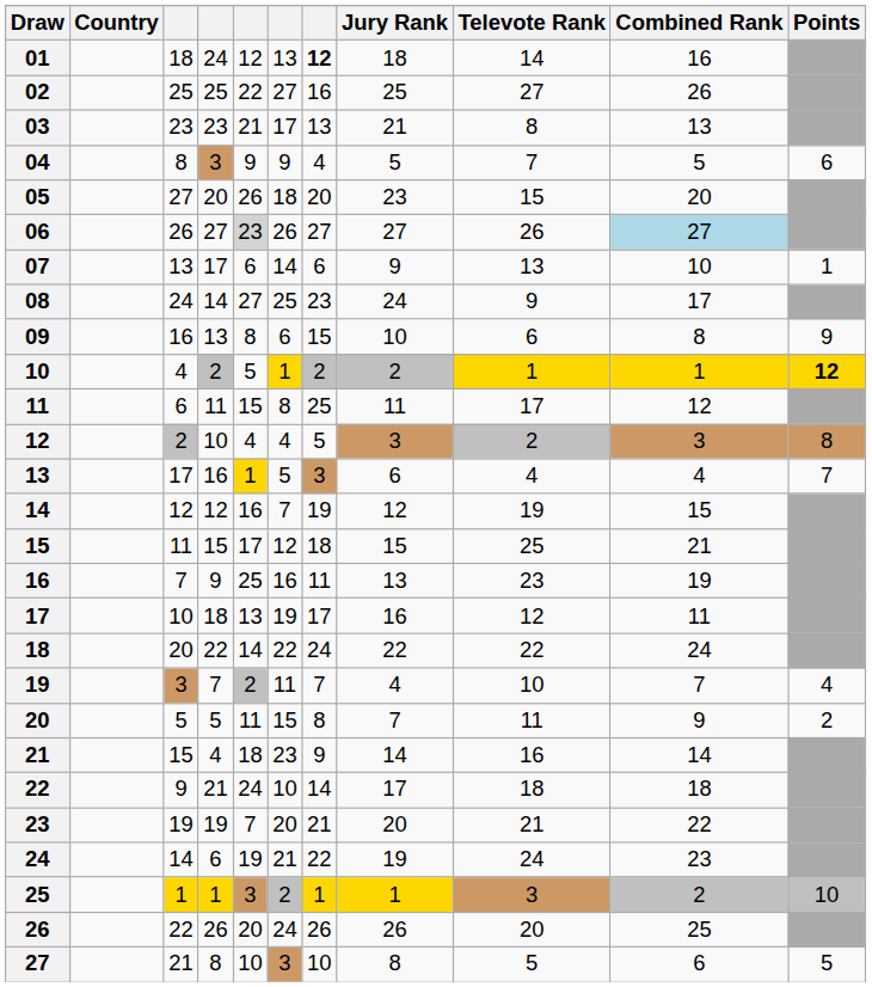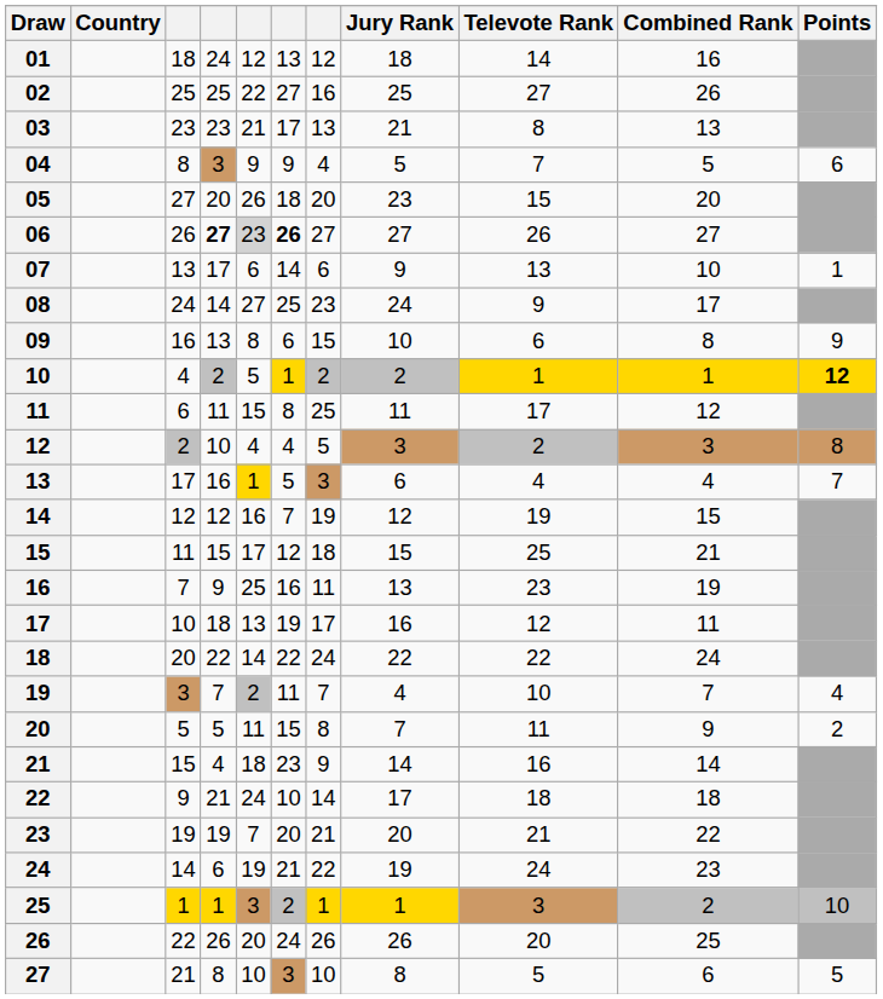 <table class="sortable wikitable collapsible plainrowheaders" style="text-align:center;">
 <tr>
 </tr>
 <tr>
 <th scope="col">Draw</th>
 <th scope="col">Country</th>
 <th scope="col"><small></small></th>
 <th scope="col"><small></small></th>
 <th scope="col"><small></small></th>
 <th scope="col"><small></small></th>
 <th scope="col"><small></small></th>
 <th scope="col">Jury Rank</th>
 <th scope="col">Televote Rank</th>
 <th scope="col">Combined Rank</th>
 <th scope="col">Points</th>
 </tr>
 <tr>
 <th scope="row" style="text-align:center;">01</th>
 <td style="text-align:left;"></td>
 <td>18</td>
 <td>24</td>
 <td>12</td>
 <td>13</td>
-<td><strong>12</strong></td>
+<td>12</td>
 <td>18</td>
 <td>14</td>
 <td>16</td>
 <td style="background:#AAAAAA;"></td>
 </tr>
 <tr>
 <th scope="row" style="text-align:center;">02</th>
 <td style="text-align:left;"></td>
 <td>25</td>
 <td>25</td>
 <td>22</td>
 <td>27</td>
 <td>16</td>
 <td>25</td>
 <td>27</td>
 <td>26</td>
 <td style="background:#AAAAAA;"></td>
 </tr>
 <tr>
 <th scope="row" style="text-align:center;">03</th>
 <td style="text-align:left;"></td>
 <td>23</td>
 <td>23</td>
 <td>21</td>
 <td>17</td>
 <td>13</td>
 <td>21</td>
 <td>8</td>
 <td>13</td>
 <td style="background:#AAAAAA;"></td>
 </tr>
 <tr>
 <th scope="row" style="text-align:center;">04</th>
 <td style="text-align:left;"></td>
 <td>8</td>
 <td style="background:#CC9966;">3</td>
 <td>9</td>
 <td>9</td>
 <td>4</td>
 <td>5</td>
 <td>7</td>
 <td>5</td>
 <td>6</td>
 </tr>
 <tr>
 <th scope="row" style="text-align:center;">05</th>
 <td style="text-align:left;"></td>
 <td>27</td>
 <td>20</td>
 <td>26</td>
 <td>18</td>
 <td>20</td>
 <td>23</td>
 <td>15</td>
 <td>20</td>
 <td style="background:#AAAAAA;"></td>
 </tr>
 <tr>
 <th scope="row" style="text-align:center;">06</th>
 <td style="text-align:left;"></td>
 <td>26</td>
-<td>27</td>
+<td><strong>27</strong></td>
 <td style="background: lightgrey;">23</td>
-<td>26</td>
+<td><strong>26</strong></td>
 <td>27</td>
 <td>27</td>
 <td>26</td>
-<td style="background: lightblue;">27</td>
+<td>27</td>
 <td style="background:#AAAAAA;"></td>
 </tr>
 <tr>
 <th scope="row" style="text-align:center;">07</th>
 <td style="text-align:left;"></td>
 <td>13</td>
 <td>17</td>
 <td>6</td>
 <td>14</td>
 <td>6</td>
 <td>9</td>
 <td>13</td>
 <td>10</td>
 <td>1</td>
 </tr>
 <tr>
 <th scope="row" style="text-align:center;">08</th>
 <td style="text-align:left;"></td>
 <td>24</td>
 <td>14</td>
 <td>27</td>
 <td>25</td>
 <td>23</td>
 <td>24</td>
 <td>9</td>
 <td>17</td>
 <td style="background:#AAAAAA;"></td>
 </tr>
 <tr>
 <th scope="row" style="text-align:center;">09</th>
 <td style="text-align:left;"></td>
 <td>16</td>
 <td>13</td>
 <td>8</td>
 <td>6</td>
 <td>15</td>
 <td>10</td>
 <td>6</td>
 <td>8</td>
 <td>9</td>
 </tr>
 <tr>
 <th scope="row" style="text-align:center;">10</th>
 <td style="text-align:left;"></td>
 <td>4</td>
 <td style="background:silver;">2</td>
 <td>5</td>
 <td style="background:gold;">1</td>
 <td style="background:silver;">2</td>
 <td style="background:silver;">2</td>
 <td style="background:gold;">1</td>
 <td style="background:gold;">1</td>
 <td style="background:gold;"><strong>12</strong></td>
 </tr>
 <tr>
 <th scope="row" style="text-align:center;">11</th>
 <td style="text-align:left;"></td>
 <td>6</td>
 <td>11</td>
 <td>15</td>
 <td>8</td>
 <td>25</td>
 <td>11</td>
 <td>17</td>
 <td>12</td>
 <td style="background:#AAAAAA;"></td>
 </tr>
 <tr>
 <th scope="row" style="text-align:center;">12</th>
 <td style="text-align:left;"></td>
 <td style="background:silver;">2</td>
 <td>10</td>
 <td>4</td>
 <td>4</td>
 <td>5</td>
 <td style="background:#CC9966;">3</td>
 <td style="background:silver;">2</td>
 <td style="background:#CC9966;">3</td>
 <td style="background:#CC9966;">8</td>
 </tr>
 <tr>
 <th scope="row" style="text-align:center;">13</th>
 <td style="text-align:left;"></td>
 <td>17</td>
 <td>16</td>
 <td style="background:gold;">1</td>
 <td>5</td>
 <td style="background:#CC9966;">3</td>
 <td>6</td>
 <td>4</td>
 <td>4</td>
 <td>7</td>
 </tr>
 <tr>
 <th scope="row" style="text-align:center;">14</th>
 <td style="text-align:left;"></td>
 <td>12</td>
 <td>12</td>
 <td>16</td>
 <td>7</td>
 <td>19</td>
 <td>12</td>
 <td>19</td>
 <td>15</td>
 <td style="background:#AAAAAA;"></td>
 </tr>
 <tr>
 <th scope="row" style="text-align:center;">15</th>
 <td style="text-align:left;"></td>
 <td>11</td>
 <td>15</td>
 <td>17</td>
 <td>12</td>
 <td>18</td>
 <td>15</td>
 <td>25</td>
 <td>21</td>
 <td style="background:#AAAAAA;"></td>
 </tr>
 <tr>
 <th scope="row" style="text-align:center;">16</th>
 <td style="text-align:left;"></td>
 <td>7</td>
 <td>9</td>
 <td>25</td>
 <td>16</td>
 <td>11</td>
 <td>13</td>
 <td>23</td>
 <td>19</td>
 <td style="background:#AAAAAA;"></td>
 </tr>
 <tr>
 <th scope="row" style="text-align:center;">17</th>
 <td style="text-align:left;"></td>
 <td>10</td>
 <td>18</td>
 <td>13</td>
 <td>19</td>
 <td>17</td>
 <td>16</td>
 <td>12</td>
 <td>11</td>
 <td style="background:#AAAAAA;"></td>
 </tr>
 <tr>
 <th scope="row" style="text-align:center;">18</th>
 <td style="text-align:left;"></td>
 <td>20</td>
 <td>22</td>
 <td>14</td>
 <td>22</td>
 <td>24</td>
 <td>22</td>
 <td>22</td>
 <td>24</td>
 <td style="background:#AAAAAA;"></td>
 </tr>
 <tr>
 <th scope="row" style="text-align:center;">19</th>
 <td style="text-align:left;"></td>
 <td style="background:#CC9966;">3</td>
 <td>7</td>
 <td style="background:silver;">2</td>
 <td>11</td>
 <td>7</td>
 <td>4</td>
 <td>10</td>
 <td>7</td>
 <td>4</td>
 </tr>
 <tr>
 <th scope="row" style="text-align:center;">20</th>
 <td style="text-align:left;"></td>
 <td>5</td>
 <td>5</td>
 <td>11</td>
 <td>15</td>
 <td>8</td>
 <td>7</td>
 <td>11</td>
 <td>9</td>
 <td>2</td>
 </tr>
 <tr>
 <th scope="row" style="text-align:center;">21</th>
 <td style="text-align:left;"></td>
 <td>15</td>
 <td>4</td>
 <td>18</td>
 <td>23</td>
 <td>9</td>
 <td>14</td>
 <td>16</td>
 <td>14</td>
 <td style="background:#AAAAAA;"></td>
 </tr>
 <tr>
 <th scope="row" style="text-align:center;">22</th>
 <td style="text-align:left;"></td>
 <td>9</td>
 <td>21</td>
 <td>24</td>
 <td>10</td>
 <td>14</td>
 <td>17</td>
 <td>18</td>
 <td>18</td>
 <td style="background:#AAAAAA;"></td>
 </tr>
 <tr>
 <th scope="row" style="text-align:center;">23</th>
 <td style="text-align:left;"></td>
 <td>19</td>
 <td>19</td>
 <td>7</td>
 <td>20</td>
 <td>21</td>
 <td>20</td>
 <td>21</td>
 <td>22</td>
 <td style="background:#AAAAAA;"></td>
 </tr>
 <tr>
 <th scope="row" style="text-align:center;">24</th>
 <td style="text-align:left;"></td>
 <td>14</td>
 <td>6</td>
 <td>19</td>
 <td>21</td>
 <td>22</td>
 <td>19</td>
 <td>24</td>
 <td>23</td>
 <td style="background:#AAAAAA;"></td>
 </tr>
 <tr>
 <th scope="row" style="text-align:center;">25</th>
 <td style="text-align:left;"></td>
 <td style="background:gold;">1</td>
 <td style="background:gold;">1</td>
 <td style="background:#CC9966;">3</td>
 <td style="background:silver;">2</td>
 <td style="background:gold;">1</td>
 <td style="background:gold;">1</td>
 <td style="background:#CC9966;">3</td>
 <td style="background:silver;">2</td>
 <td style="background:silver;">10</td>
 </tr>
 <tr>
 <th scope="row" style="text-align:center;">26</th>
 <td style="text-align:left;"></td>
 <td>22</td>
 <td>26</td>
 <td>20</td>
 <td>24</td>
 <td>26</td>
 <td>26</td>
 <td>20</td>
 <td>25</td>
 <td style="background:#AAAAAA;"></td>
 </tr>
 <tr>
 <th scope="row" style="text-align:center;">27</th>
 <td style="text-align:left;"></td>
 <td>21</td>
 <td>8</td>
 <td>10</td>
 <td style="background:#CC9966;">3</td>
 <td>10</td>
 <td>8</td>
 <td>5</td>
 <td>6</td>
 <td>5</td>
 </tr>
 </table>
